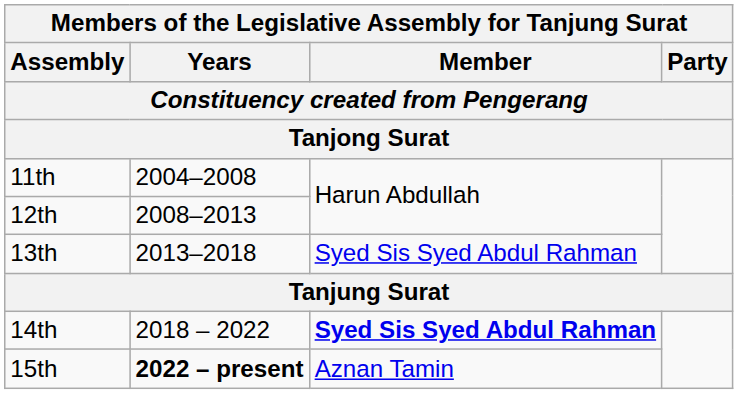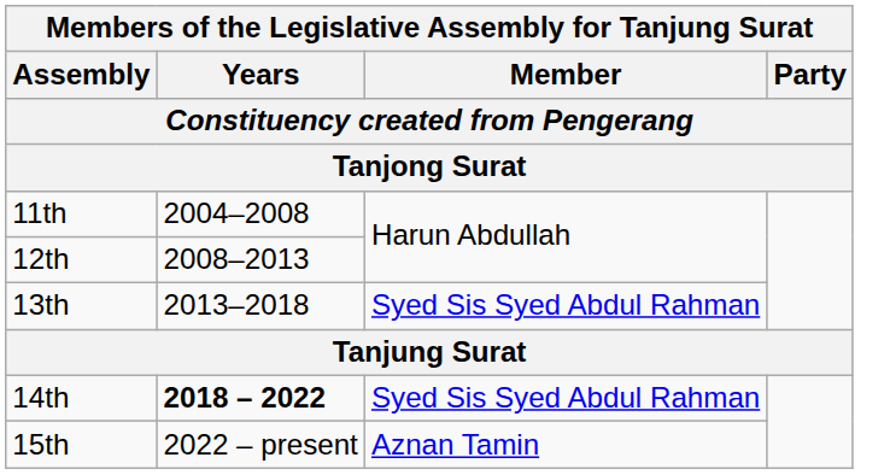 <table class="wikitable">
 <tr>
 <th colspan="4">Members of the Legislative Assembly for Tanjung Surat</th>
 </tr>
 <tr>
 <th>Assembly</th>
 <th>Years</th>
 <th>Member</th>
 <th>Party</th>
 </tr>
 <tr>
 <th colspan="4"><em>Constituency created from Pengerang</em></th>
 </tr>
 <tr>
 <th colspan="4">Tanjong Surat</th>
 </tr>
 <tr>
 <td>11th</td>
 <td>2004–2008</td>
 <td rowspan="2">Harun Abdullah</td>
 <td rowspan="3"></td>
 </tr>
 <tr>
 <td>12th</td>
 <td>2008–2013</td>
 </tr>
 <tr>
 <td>13th</td>
 <td>2013–2018</td>
 <td><a href='#'>Syed Sis Syed Abdul Rahman</a></td>
 </tr>
 <tr>
 <th colspan="4">Tanjung Surat</th>
 </tr>
 <tr>
 <td>14th</td>
-<td>2018 – 2022</td>
-<td><strong><a href='#'>Syed Sis Syed Abdul Rahman</a></strong></td>
+<td><strong>2018 – 2022</strong></td>
+<td><a href='#'>Syed Sis Syed Abdul Rahman</a></td>
 <td rowspan="2"></td>
 </tr>
 <tr>
 <td>15th</td>
-<td><strong>2022 – present</strong></td>
+<td>2022 – present</td>
 <td><a href='#'>Aznan Tamin</a></td>
 </tr>
 </table>
